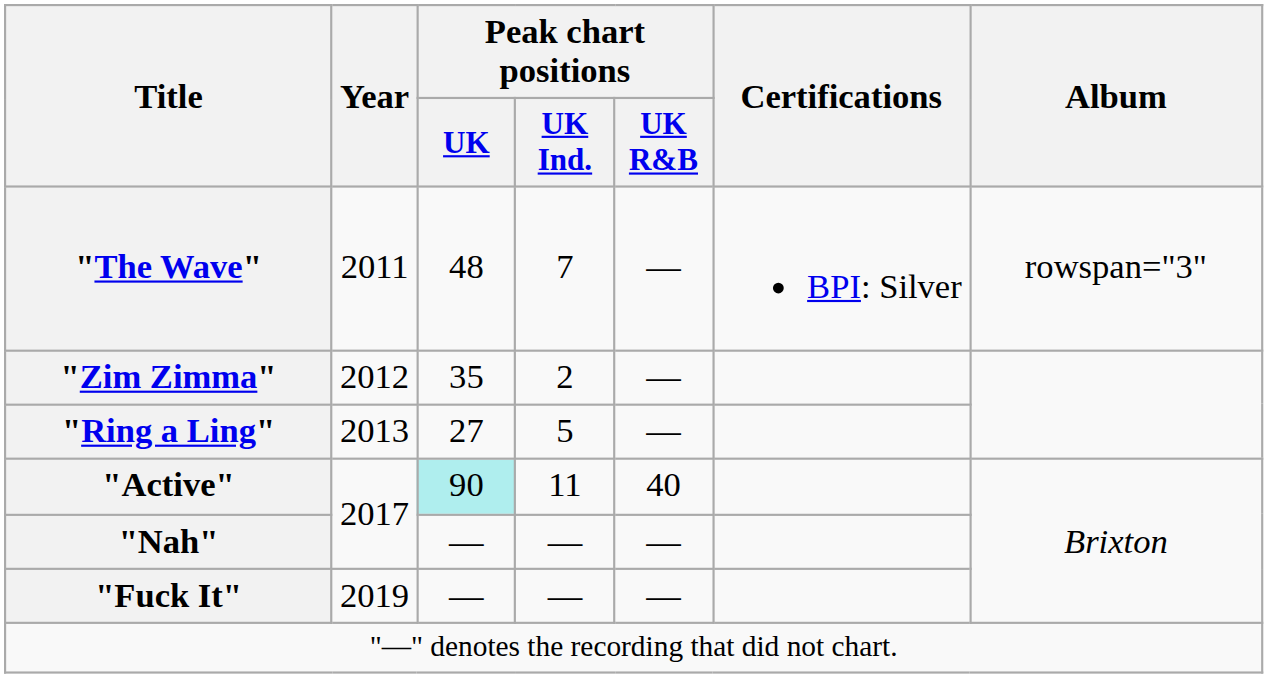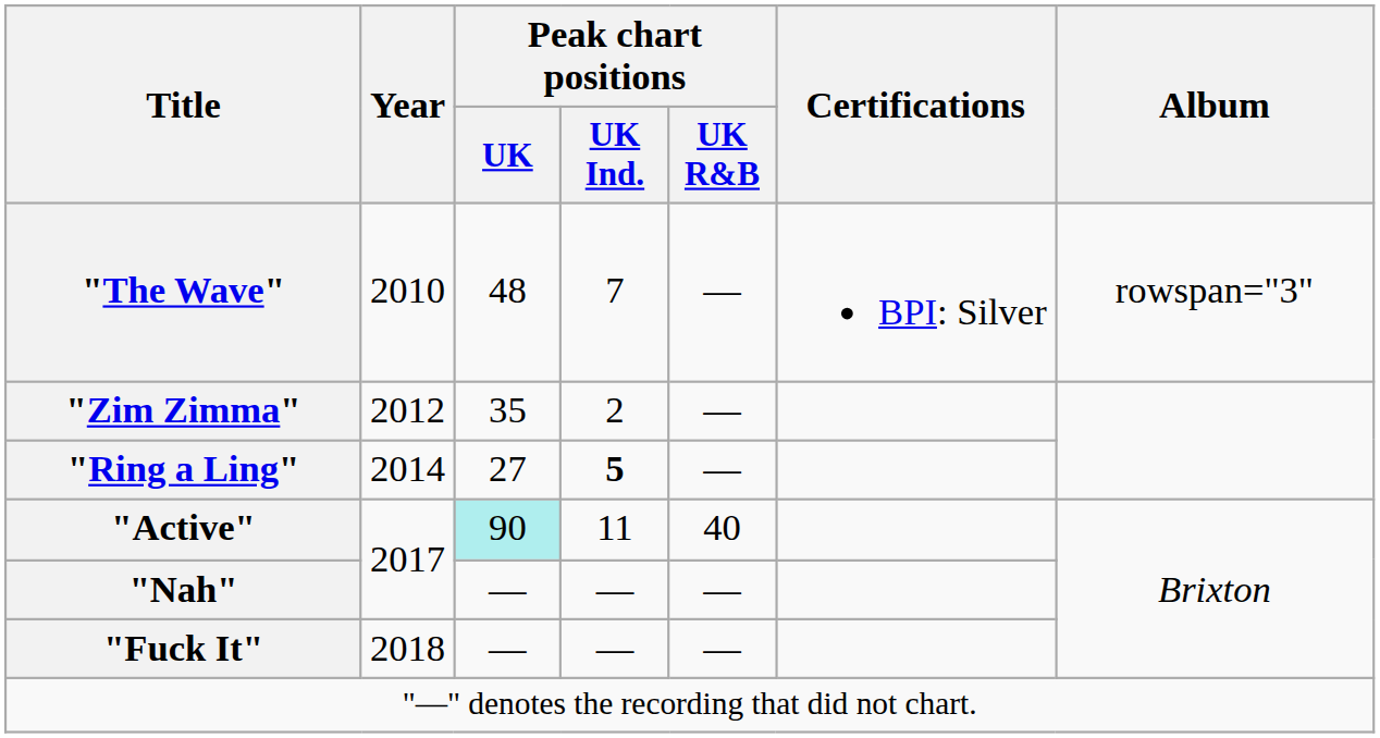 <table class="wikitable plainrowheaders" style="text-align:center;">
 <tr>
 <th scope="col" rowspan="2" style="width:9em;">Title</th>
 <th scope="col" rowspan="2" style="width:1em;">Year</th>
 <th scope="col" colspan="3">Peak chart<br>positions</th>
 <th scope="col" rowspan="2">Certifications</th>
 <th scope="col" rowspan="2" style="width:8em;">Album</th>
 </tr>
 <tr>
 <th scope="col" style="width:2.7em;font-size:90%;"><a href='#'>UK</a><br></th>
 <th scope="col" style="width:2.7em;font-size:90%;"><a href='#'>UK<br>Ind.</a></th>
 <th scope="col" style="width:2.7em;font-size:90%;"><a href='#'>UK<br>R&B</a></th>
 </tr>
 <tr>
 <th scope="row">"<a href='#'>The Wave</a>"</th>
-<td>2011</td>
+<td>2010</td>
 <td>48</td>
 <td>7</td>
 <td>—</td>
 <td><br><ul><li><a href='#'>BPI</a>: Silver</li></ul></td>
 <td>rowspan="3" </td>
 </tr>
 <tr>
 <th scope="row">"<a href='#'>Zim Zimma</a>"</th>
 <td>2012</td>
 <td>35</td>
 <td>2</td>
 <td>—</td>
 <td></td>
 </tr>
 <tr>
 <th scope="row">"<a href='#'>Ring a Ling</a>"</th>
-<td>2013</td>
+<td>2014</td>
 <td>27</td>
-<td>5</td>
+<td><strong>5</strong></td>
 <td>—</td>
 <td></td>
 </tr>
 <tr>
 <th scope="row">"Active"<br></th>
 <td rowspan="2">2017</td>
 <td style="background: paleturquoise;">90</td>
 <td>11</td>
 <td>40</td>
 <td></td>
 <td rowspan="3"><em>Brixton</em></td>
 </tr>
 <tr>
 <th scope="row">"Nah"<br></th>
 <td>—</td>
 <td>—</td>
 <td>—</td>
 <td></td>
 </tr>
 <tr>
 <th scope="row">"Fuck It"<br></th>
-<td>2019</td>
+<td>2018</td>
 <td>—</td>
 <td>—</td>
 <td>—</td>
 <td></td>
 </tr>
 <tr>
 <td align="center" colspan="14" style="font-size: 85%">"—" denotes the recording that did not chart.</td>
 </tr>
 </table>
